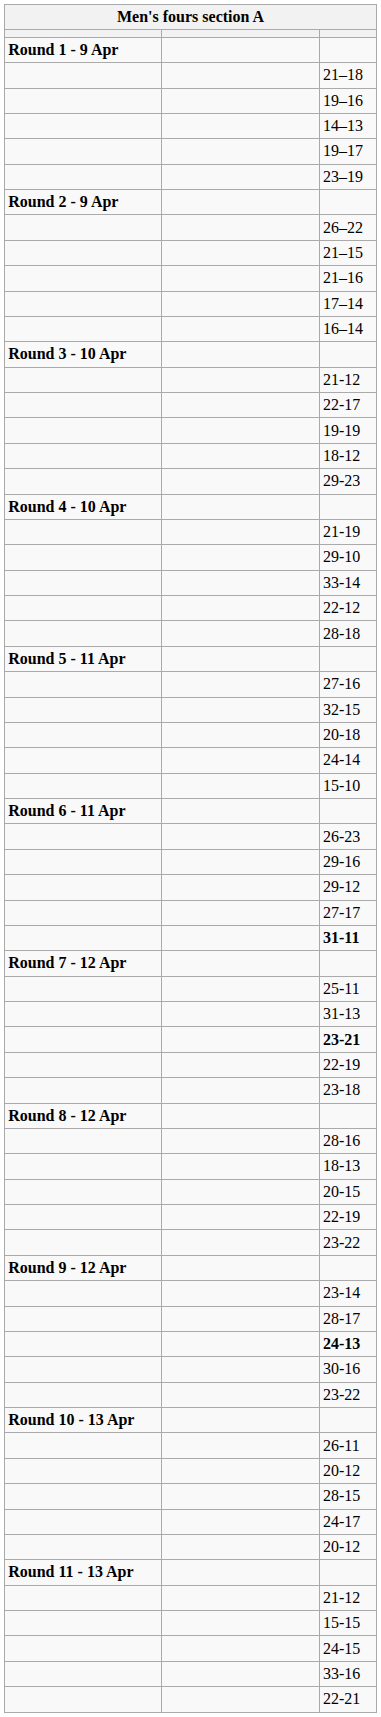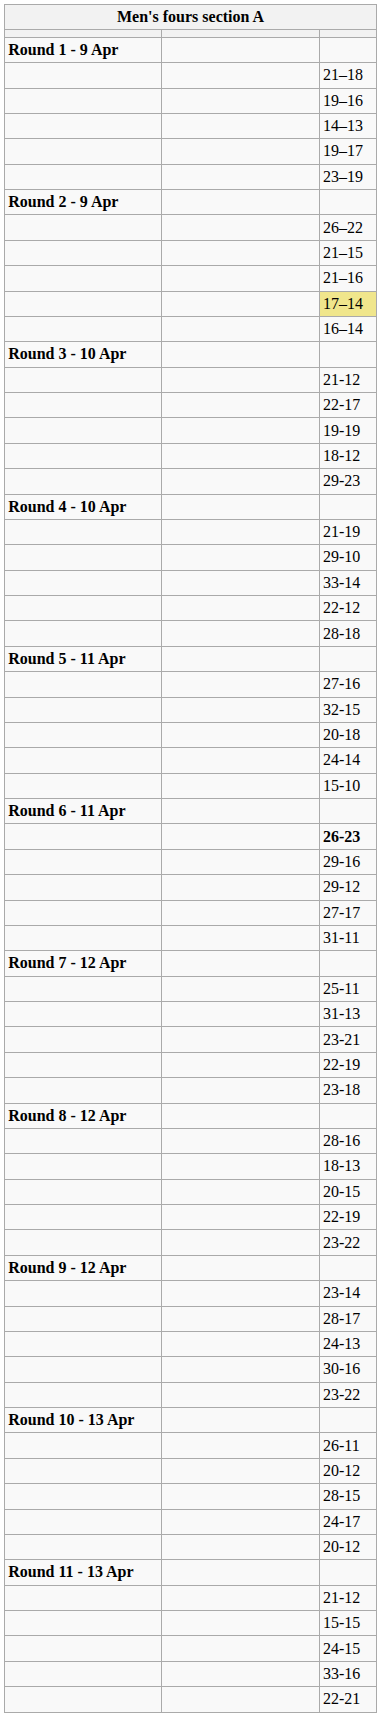 <table class="wikitable">
 <tr>
 <th colspan="3">Men's fours section A</th>
 </tr>
 <tr>
 <th width=150></th>
 <th width=150></th>
 <th width=50></th>
 </tr>
 <tr>
 <td><strong>Round 1 - 9 Apr</strong></td>
 <td></td>
 <td></td>
 </tr>
 <tr>
 <td></td>
 <td></td>
 <td>21–18</td>
 </tr>
 <tr>
 <td></td>
 <td></td>
 <td>19–16</td>
 </tr>
 <tr>
 <td></td>
 <td></td>
 <td>14–13</td>
 </tr>
 <tr>
 <td></td>
 <td></td>
 <td>19–17</td>
 </tr>
 <tr>
 <td></td>
 <td></td>
 <td>23–19</td>
 </tr>
 <tr>
 <td><strong>Round 2 - 9 Apr</strong></td>
 <td></td>
 <td></td>
 </tr>
 <tr>
 <td></td>
 <td></td>
 <td>26–22</td>
 </tr>
 <tr>
 <td></td>
 <td></td>
 <td>21–15</td>
 </tr>
 <tr>
 <td></td>
 <td></td>
 <td>21–16</td>
 </tr>
 <tr>
 <td></td>
 <td></td>
-<td>17–14</td>
+<td style="background: khaki;">17–14</td>
 </tr>
 <tr>
 <td></td>
 <td></td>
 <td>16–14</td>
 </tr>
 <tr>
 <td><strong>Round 3 - 10 Apr</strong></td>
 <td></td>
 <td></td>
 </tr>
 <tr>
 <td></td>
 <td></td>
 <td>21-12</td>
 </tr>
 <tr>
 <td></td>
 <td></td>
 <td>22-17</td>
 </tr>
 <tr>
 <td></td>
 <td></td>
 <td>19-19</td>
 </tr>
 <tr>
 <td></td>
 <td></td>
 <td>18-12</td>
 </tr>
 <tr>
 <td></td>
 <td></td>
 <td>29-23</td>
 </tr>
 <tr>
 <td><strong>Round 4 - 10 Apr</strong></td>
 <td></td>
 <td></td>
 </tr>
 <tr>
 <td></td>
 <td></td>
 <td>21-19</td>
 </tr>
 <tr>
 <td></td>
 <td></td>
 <td>29-10</td>
 </tr>
 <tr>
 <td></td>
 <td></td>
 <td>33-14</td>
 </tr>
 <tr>
 <td></td>
 <td></td>
 <td>22-12</td>
 </tr>
 <tr>
 <td></td>
 <td></td>
 <td>28-18</td>
 </tr>
 <tr>
 <td><strong>Round 5 - 11 Apr</strong></td>
 <td></td>
 <td></td>
 </tr>
 <tr>
 <td></td>
 <td></td>
 <td>27-16</td>
 </tr>
 <tr>
 <td></td>
 <td></td>
 <td>32-15</td>
 </tr>
 <tr>
 <td></td>
 <td></td>
 <td>20-18</td>
 </tr>
 <tr>
 <td></td>
 <td></td>
 <td>24-14</td>
 </tr>
 <tr>
 <td></td>
 <td></td>
 <td>15-10</td>
 </tr>
 <tr>
 <td><strong>Round 6  - 11 Apr</strong></td>
 <td></td>
 <td></td>
 </tr>
 <tr>
 <td></td>
 <td></td>
-<td>26-23</td>
+<td><strong>26-23</strong></td>
 </tr>
 <tr>
 <td></td>
 <td></td>
 <td>29-16</td>
 </tr>
 <tr>
 <td></td>
 <td></td>
 <td>29-12</td>
 </tr>
 <tr>
 <td></td>
 <td></td>
 <td>27-17</td>
 </tr>
 <tr>
 <td></td>
 <td></td>
-<td><strong>31-11</strong></td>
+<td>31-11</td>
 </tr>
 <tr>
 <td><strong>Round 7 - 12 Apr</strong></td>
 <td></td>
 <td></td>
 </tr>
 <tr>
 <td></td>
 <td></td>
 <td>25-11</td>
 </tr>
 <tr>
 <td></td>
 <td></td>
 <td>31-13</td>
 </tr>
 <tr>
 <td></td>
 <td></td>
-<td><strong>23-21</strong></td>
+<td>23-21</td>
 </tr>
 <tr>
 <td></td>
 <td></td>
 <td>22-19</td>
 </tr>
 <tr>
 <td></td>
 <td></td>
 <td>23-18</td>
 </tr>
 <tr>
 <td><strong>Round 8 - 12 Apr</strong></td>
 <td></td>
 <td></td>
 </tr>
 <tr>
 <td></td>
 <td></td>
 <td>28-16</td>
 </tr>
 <tr>
 <td></td>
 <td></td>
 <td>18-13</td>
 </tr>
 <tr>
 <td></td>
 <td></td>
 <td>20-15</td>
 </tr>
 <tr>
 <td></td>
 <td></td>
 <td>22-19</td>
 </tr>
 <tr>
 <td></td>
 <td></td>
 <td>23-22</td>
 </tr>
 <tr>
 <td><strong>Round 9 - 12 Apr</strong></td>
 <td></td>
 <td></td>
 </tr>
 <tr>
 <td></td>
 <td></td>
 <td>23-14</td>
 </tr>
 <tr>
 <td></td>
 <td></td>
 <td>28-17</td>
 </tr>
 <tr>
 <td></td>
 <td></td>
-<td><strong>24-13</strong></td>
+<td>24-13</td>
 </tr>
 <tr>
 <td></td>
 <td></td>
 <td>30-16</td>
 </tr>
 <tr>
 <td></td>
 <td></td>
 <td>23-22</td>
 </tr>
 <tr>
 <td><strong>Round 10 - 13 Apr</strong></td>
 <td></td>
 <td></td>
 </tr>
 <tr>
 <td></td>
 <td></td>
 <td>26-11</td>
 </tr>
 <tr>
 <td></td>
 <td></td>
 <td>20-12</td>
 </tr>
 <tr>
 <td></td>
 <td></td>
 <td>28-15</td>
 </tr>
 <tr>
 <td></td>
 <td></td>
 <td>24-17</td>
 </tr>
 <tr>
 <td></td>
 <td></td>
 <td>20-12</td>
 </tr>
 <tr>
 <td><strong>Round 11 - 13 Apr</strong></td>
 <td></td>
 <td></td>
 </tr>
 <tr>
 <td></td>
 <td></td>
 <td>21-12</td>
 </tr>
 <tr>
 <td></td>
 <td></td>
 <td>15-15</td>
 </tr>
 <tr>
 <td></td>
 <td></td>
 <td>24-15</td>
 </tr>
 <tr>
 <td></td>
 <td></td>
 <td>33-16</td>
 </tr>
 <tr>
 <td></td>
 <td></td>
 <td>22-21</td>
 </tr>
 </table>
